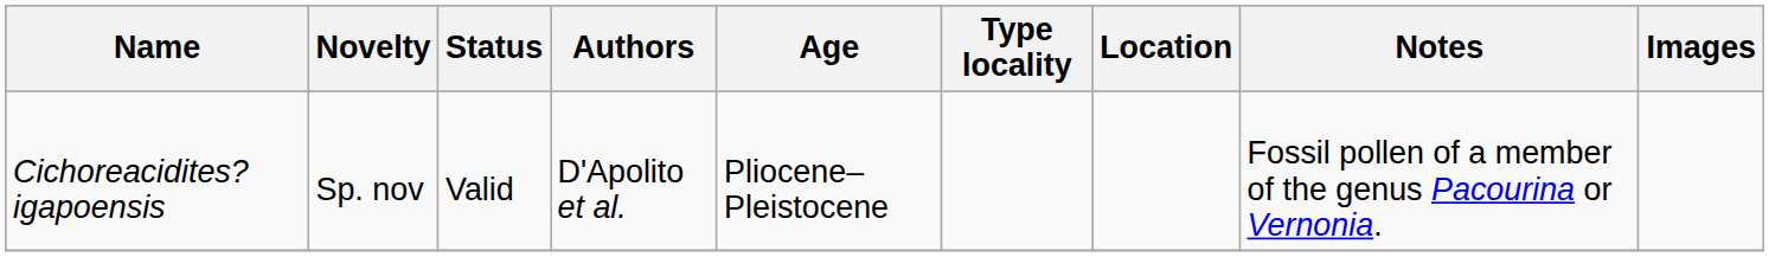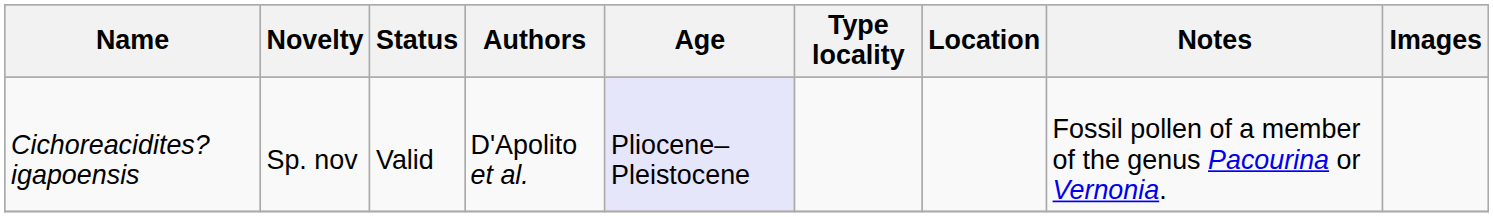 <table class="wikitable sortable" align="center" width="100%">
 <tr>
 <th>Name</th>
 <th>Novelty</th>
 <th>Status</th>
 <th>Authors</th>
 <th>Age</th>
 <th>Type locality</th>
 <th>Location</th>
 <th>Notes</th>
 <th>Images</th>
 </tr>
 <tr>
 <td><br><em>Cichoreacidites? igapoensis</em></td>
 <td><br>Sp. nov</td>
 <td><br>Valid</td>
 <td><br>D'Apolito <em>et al.</em></td>
-<td><br>Pliocene–Pleistocene</td>
+<td style="background: lavender;"><br>Pliocene–Pleistocene</td>
 <td></td>
 <td><br></td>
 <td><br>Fossil pollen of a member of the genus <em><a href='#'>Pacourina</a></em> or <em><a href='#'>Vernonia</a></em>.</td>
 <td></td>
 </tr>
 <tr>
 </tr>
 </table>
